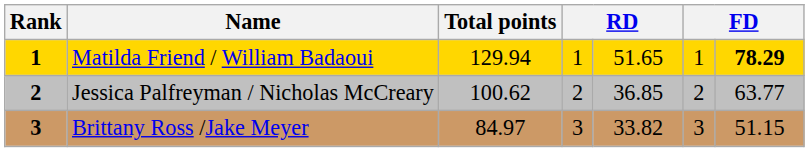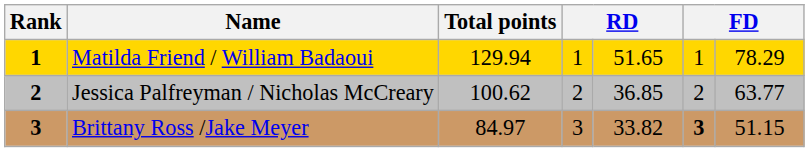 <table class="wikitable sortable">
 <tr>
 <th>Rank</th>
 <th>Name</th>
 <th>Total points</th>
 <th colspan="2" width="80px"><a href='#'>RD</a></th>
 <th colspan="2" width="80px"><a href='#'>FD</a></th>
 </tr>
 <tr bgcolor="gold">
 <td align="center"><strong>1</strong></td>
 <td><a href='#'>Matilda Friend</a> / <a href='#'>William Badaoui</a></td>
 <td align="center">129.94</td>
 <td align="center">1</td>
 <td align="center">51.65</td>
 <td align="center">1</td>
-<td align="center"><strong>78.29</strong></td>
+<td align="center">78.29</td>
 </tr>
 <tr bgcolor="silver">
 <td align="center"><strong>2</strong></td>
 <td>Jessica Palfreyman / Nicholas McCreary</td>
 <td align="center">100.62</td>
 <td align="center">2</td>
 <td align="center">36.85</td>
 <td align="center">2</td>
 <td align="center">63.77</td>
 </tr>
 <tr bgcolor="cc9966">
 <td align="center"><strong>3</strong></td>
 <td><a href='#'>Brittany Ross</a> /<a href='#'>Jake Meyer</a></td>
 <td align="center">84.97</td>
 <td align="center">3</td>
 <td align="center">33.82</td>
-<td align="center">3</td>
+<td align="center"><strong>3</strong></td>
 <td align="center">51.15</td>
 </tr>
 </table>
